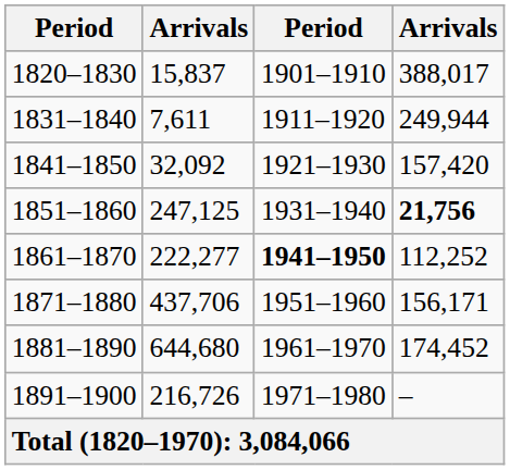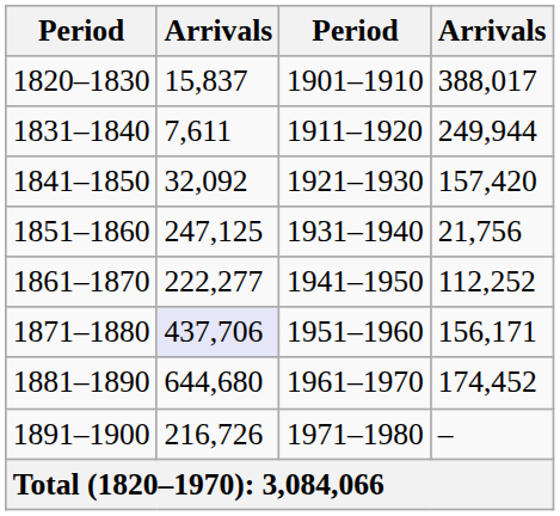 <table class="floatright wikitable" style="font-size:95%;">
 <tr>
 <th>Period</th>
 <th>Arrivals</th>
 <th>Period</th>
 <th>Arrivals</th>
 </tr>
 <tr>
 <td>1820–1830</td>
 <td>15,837</td>
 <td>1901–1910</td>
 <td>388,017</td>
 </tr>
 <tr>
 <td>1831–1840</td>
 <td>7,611</td>
 <td>1911–1920</td>
 <td>249,944</td>
 </tr>
 <tr>
 <td>1841–1850</td>
 <td>32,092</td>
 <td>1921–1930</td>
 <td>157,420</td>
 </tr>
 <tr>
 <td>1851–1860</td>
 <td>247,125</td>
 <td>1931–1940</td>
-<td><strong>21,756</strong></td>
+<td>21,756</td>
 </tr>
 <tr>
 <td>1861–1870</td>
 <td>222,277</td>
-<td><strong>1941–1950</strong></td>
+<td>1941–1950</td>
 <td>112,252</td>
 </tr>
 <tr>
 <td>1871–1880</td>
-<td>437,706</td>
+<td style="background: lavender;">437,706</td>
 <td>1951–1960</td>
 <td>156,171</td>
 </tr>
 <tr>
 <td>1881–1890</td>
 <td>644,680</td>
 <td>1961–1970</td>
 <td>174,452</td>
 </tr>
 <tr>
 <td>1891–1900</td>
 <td>216,726</td>
 <td>1971–1980</td>
 <td>–</td>
 </tr>
 <tr>
 <th colspan=4 style="text-align:left;">Total (1820–1970): 3,084,066</th>
 </tr>
 </table>
